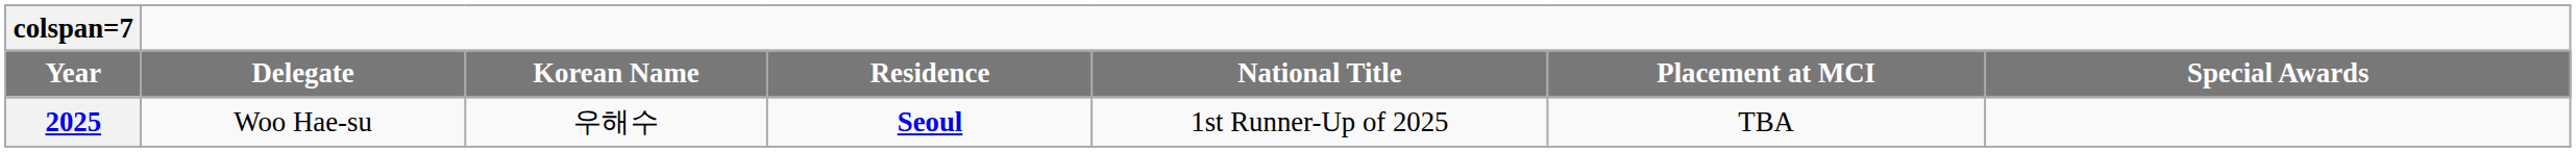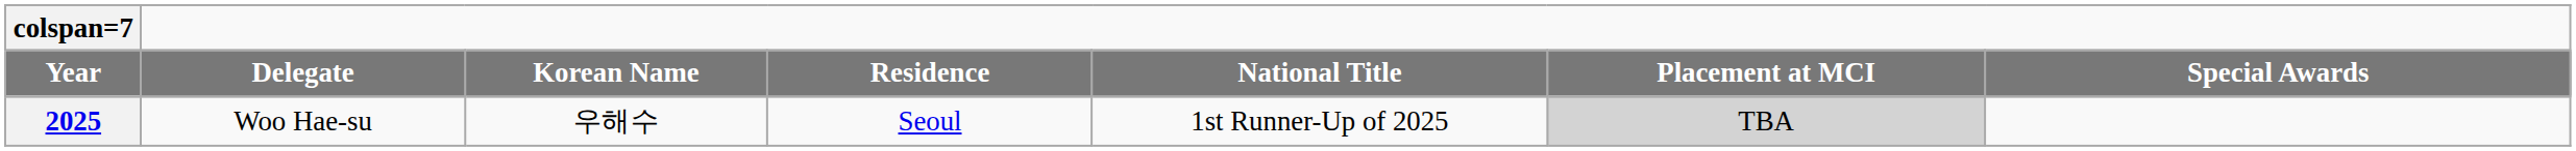 <table class="wikitable sortable" style="font-size: 85%; text-align:center">
 <tr>
 <th>colspan=7 </th>
 </tr>
 <tr>
 <th width="60" style="background-color:#787878;color:#FFFFFF;">Year</th>
 <th width="160" style="background-color:#787878;color:#FFFFFF;">Delegate</th>
 <th width="150" style="background-color:#787878;color:#FFFFFF;">Korean Name</th>
 <th width="160" style="background-color:#787878;color:#FFFFFF;">Residence</th>
 <th width="230" style="background-color:#787878;color:#FFFFFF;">National Title</th>
 <th width="220" style="background-color:#787878;color:#FFFFFF;">Placement at MCI</th>
 <th width="300" style="background-color:#787878;color:#FFFFFF;">Special Awards</th>
 </tr>
 <tr>
 <th><a href='#'>2025</a></th>
 <td>Woo Hae-su</td>
 <td>우해수</td>
-<td><strong><a href='#'>Seoul</a></strong></td>
+<td><a href='#'>Seoul</a></td>
 <td>1st Runner-Up of 2025</td>
-<td>TBA</td>
+<td style="background: lightgrey;">TBA</td>
 </tr>
 </table>
